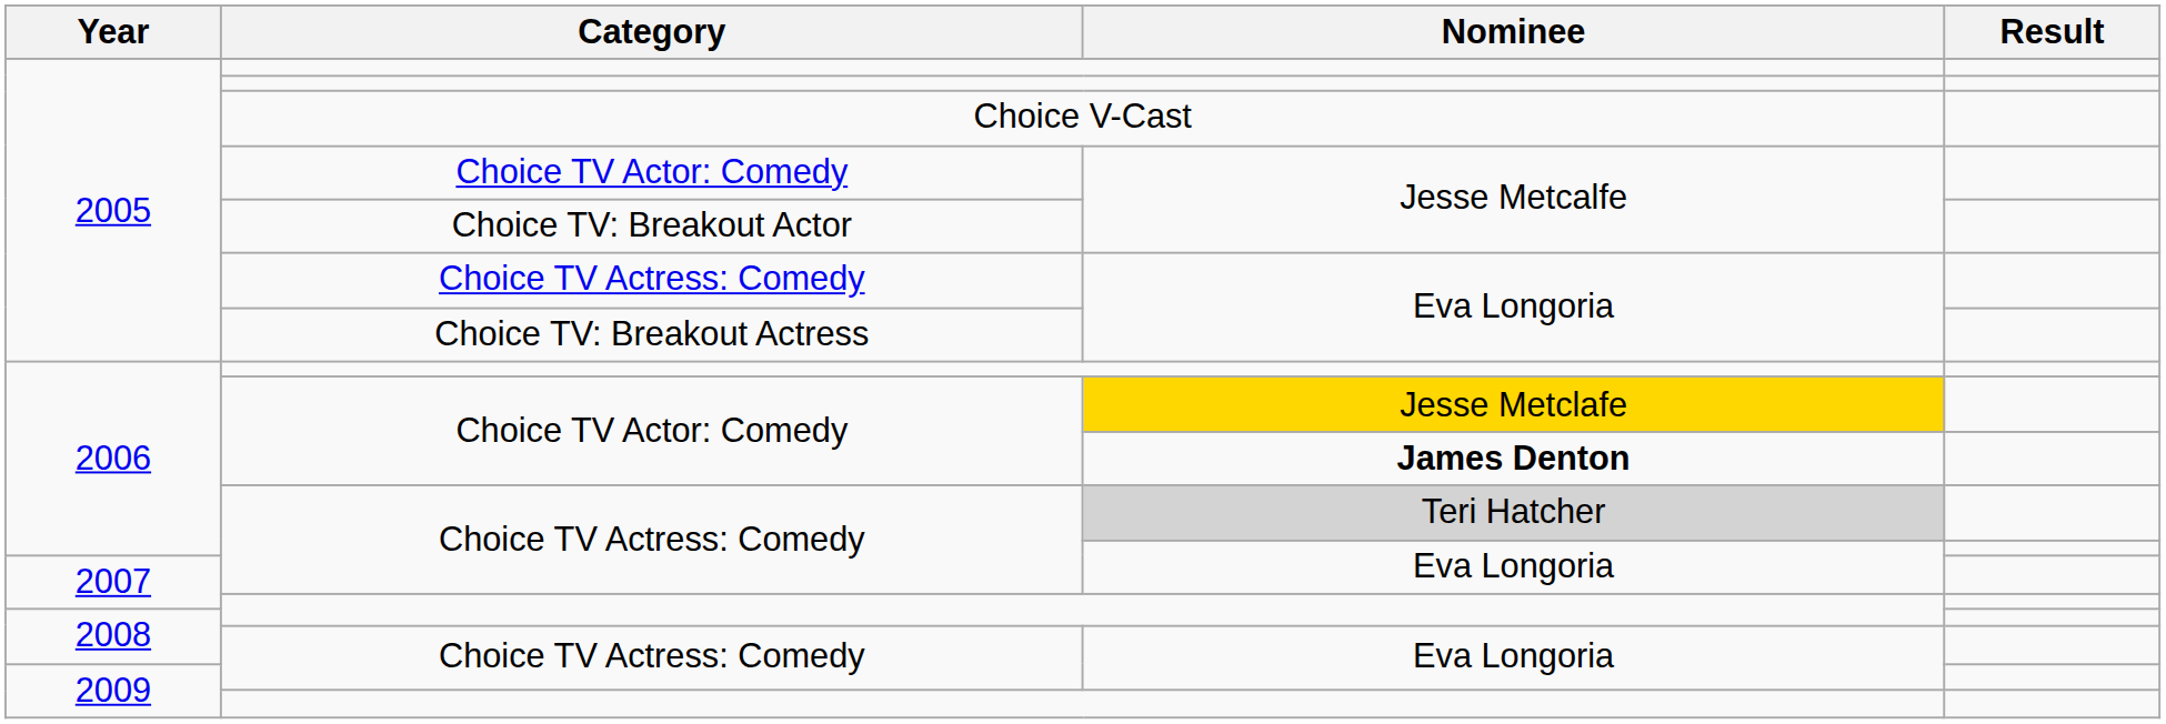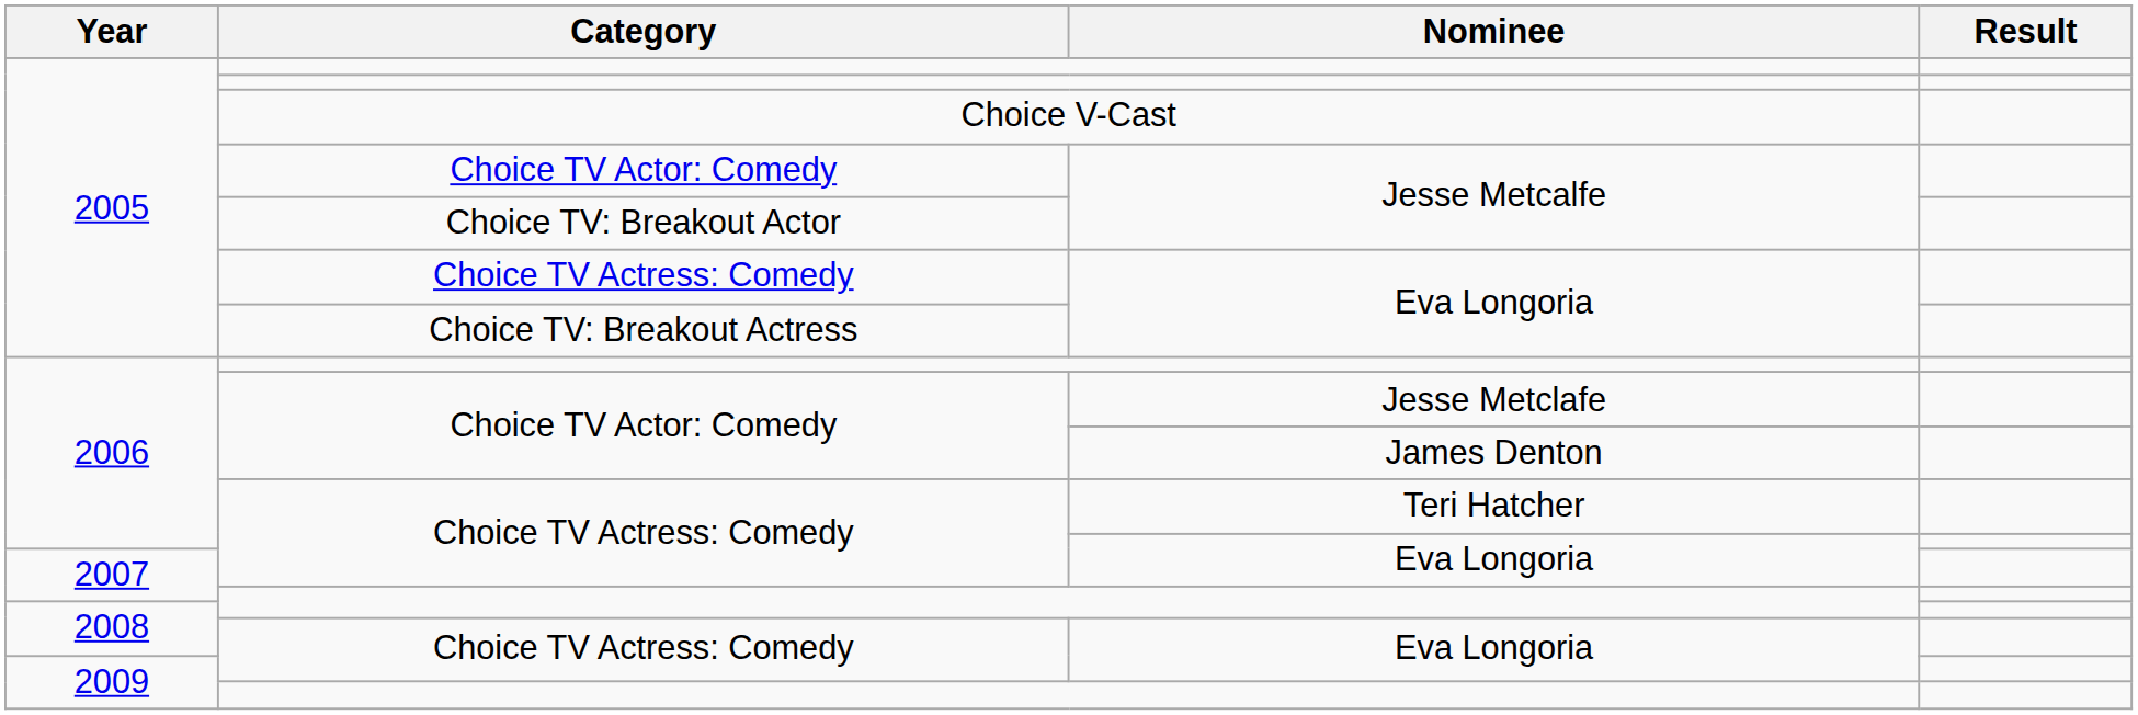 <table class="wikitable" width="80%">
 <tr>
 <th width="10%">Year</th>
 <th width="40%">Category</th>
 <th width="40%">Nominee</th>
 <th width="10%">Result</th>
 </tr>
 <tr>
 <td rowspan="7" align="center"><a href='#'>2005</a></td>
 <td colspan="2" align="center"></td>
 <td></td>
 </tr>
 <tr>
 <td colspan="2" align="center"></td>
 <td></td>
 </tr>
 <tr>
 <td colspan="2" align="center">Choice V-Cast</td>
 <td></td>
 </tr>
 <tr>
 <td align="center"><a href='#'>Choice TV Actor: Comedy</a></td>
 <td rowspan="2" align="center">Jesse Metcalfe</td>
 <td></td>
 </tr>
 <tr>
 <td align="center">Choice TV: Breakout Actor</td>
 <td></td>
 </tr>
 <tr>
 <td align="center"><a href='#'>Choice TV Actress: Comedy</a></td>
 <td rowspan="2" align="center">Eva Longoria</td>
 <td></td>
 </tr>
 <tr>
 <td align="center">Choice TV: Breakout Actress</td>
 <td></td>
 </tr>
 <tr>
 <td rowspan="5" align="center"><a href='#'>2006</a></td>
 <td colspan="2" align="center"></td>
 <td></td>
 </tr>
 <tr>
 <td rowspan="2" align="center">Choice TV Actor: Comedy</td>
-<td align="center" style="background: gold;">Jesse Metclafe</td>
+<td align="center">Jesse Metclafe</td>
 <td></td>
 </tr>
 <tr>
-<td align="center"><strong>James Denton</strong></td>
+<td align="center">James Denton</td>
 <td></td>
 </tr>
 <tr>
 <td rowspan="3" align="center">Choice TV Actress: Comedy</td>
-<td align="center" style="background: lightgrey;">Teri Hatcher</td>
+<td align="center">Teri Hatcher</td>
 <td></td>
 </tr>
 <tr>
 <td align="center" rowspan="2">Eva Longoria</td>
 <td></td>
 </tr>
 <tr>
 <td rowspan="2" align="center"><a href='#'>2007</a></td>
 <td></td>
 </tr>
 <tr>
 <td rowspan="2" colspan="2" align="center"></td>
 <td></td>
 </tr>
 <tr>
 <td rowspan="2" align="center"><a href='#'>2008</a></td>
 <td></td>
 </tr>
 <tr>
 <td rowspan="2" align="center">Choice TV Actress: Comedy</td>
 <td rowspan="2" align="center">Eva Longoria</td>
 <td></td>
 </tr>
 <tr>
 <td rowspan="2" align="center"><a href='#'>2009</a></td>
 <td></td>
 </tr>
 <tr>
 <td colspan="2" align="center"></td>
 <td></td>
 </tr>
 </table>
